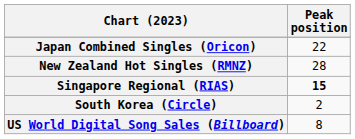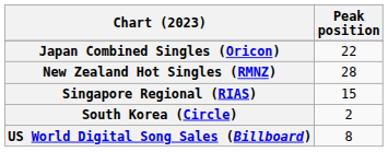 <table class="wikitable sortable plainrowheaders" style="text-align:center;">
 <tr>
 <th scope="col">Chart (2023)</th>
 <th scope="col">Peak<br>position</th>
 </tr>
 <tr>
 </tr>
 <tr>
 </tr>
 <tr>
 <th scope="row">Japan Combined Singles (<a href='#'>Oricon</a>)</th>
 <td>22</td>
 </tr>
 <tr>
 <th scope="row">New Zealand Hot Singles (<a href='#'>RMNZ</a>)</th>
 <td>28</td>
 </tr>
 <tr>
 <th scope="row">Singapore Regional (<a href='#'>RIAS</a>)</th>
-<td><strong>15</strong></td>
+<td>15</td>
 </tr>
 <tr>
 <th scope="row">South Korea (<a href='#'>Circle</a>)</th>
 <td>2</td>
 </tr>
 <tr>
 <th scope="row">US <a href='#'>World Digital Song Sales</a> (<em><a href='#'>Billboard</a></em>)</th>
 <td>8</td>
 </tr>
 </table>
